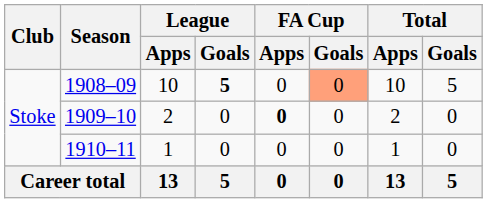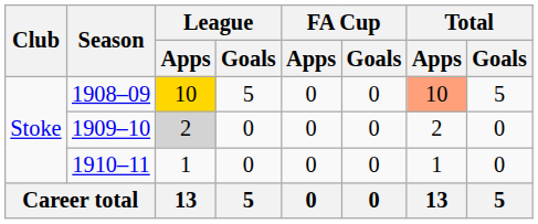 <table class="wikitable" style="text-align: center;">
 <tr>
 <th rowspan="2">Club</th>
 <th rowspan="2">Season</th>
 <th colspan="2">League</th>
 <th colspan="2">FA Cup</th>
 <th colspan="2">Total</th>
 </tr>
 <tr>
 <th>Apps</th>
 <th>Goals</th>
 <th>Apps</th>
 <th>Goals</th>
 <th>Apps</th>
 <th>Goals</th>
 </tr>
 <tr>
 <td rowspan="3"><a href='#'>Stoke</a></td>
 <td><a href='#'>1908–09</a></td>
-<td>10</td>
-<td><strong>5</strong></td>
+<td style="background: gold;">10</td>
+<td>5</td>
 <td>0</td>
-<td style="background: lightsalmon;">0</td>
-<td>10</td>
+<td>0</td>
+<td style="background: lightsalmon;">10</td>
 <td>5</td>
 </tr>
 <tr>
 <td><a href='#'>1909–10</a></td>
-<td>2</td>
+<td style="background: lightgrey;">2</td>
 <td>0</td>
-<td><strong>0</strong></td>
+<td>0</td>
 <td>0</td>
 <td>2</td>
 <td>0</td>
 </tr>
 <tr>
 <td><a href='#'>1910–11</a></td>
 <td>1</td>
 <td>0</td>
 <td>0</td>
 <td>0</td>
 <td>1</td>
 <td>0</td>
 </tr>
 <tr>
 <th colspan="2">Career total</th>
 <th>13</th>
 <th>5</th>
 <th>0</th>
 <th>0</th>
 <th>13</th>
 <th>5</th>
 </tr>
 </table>
